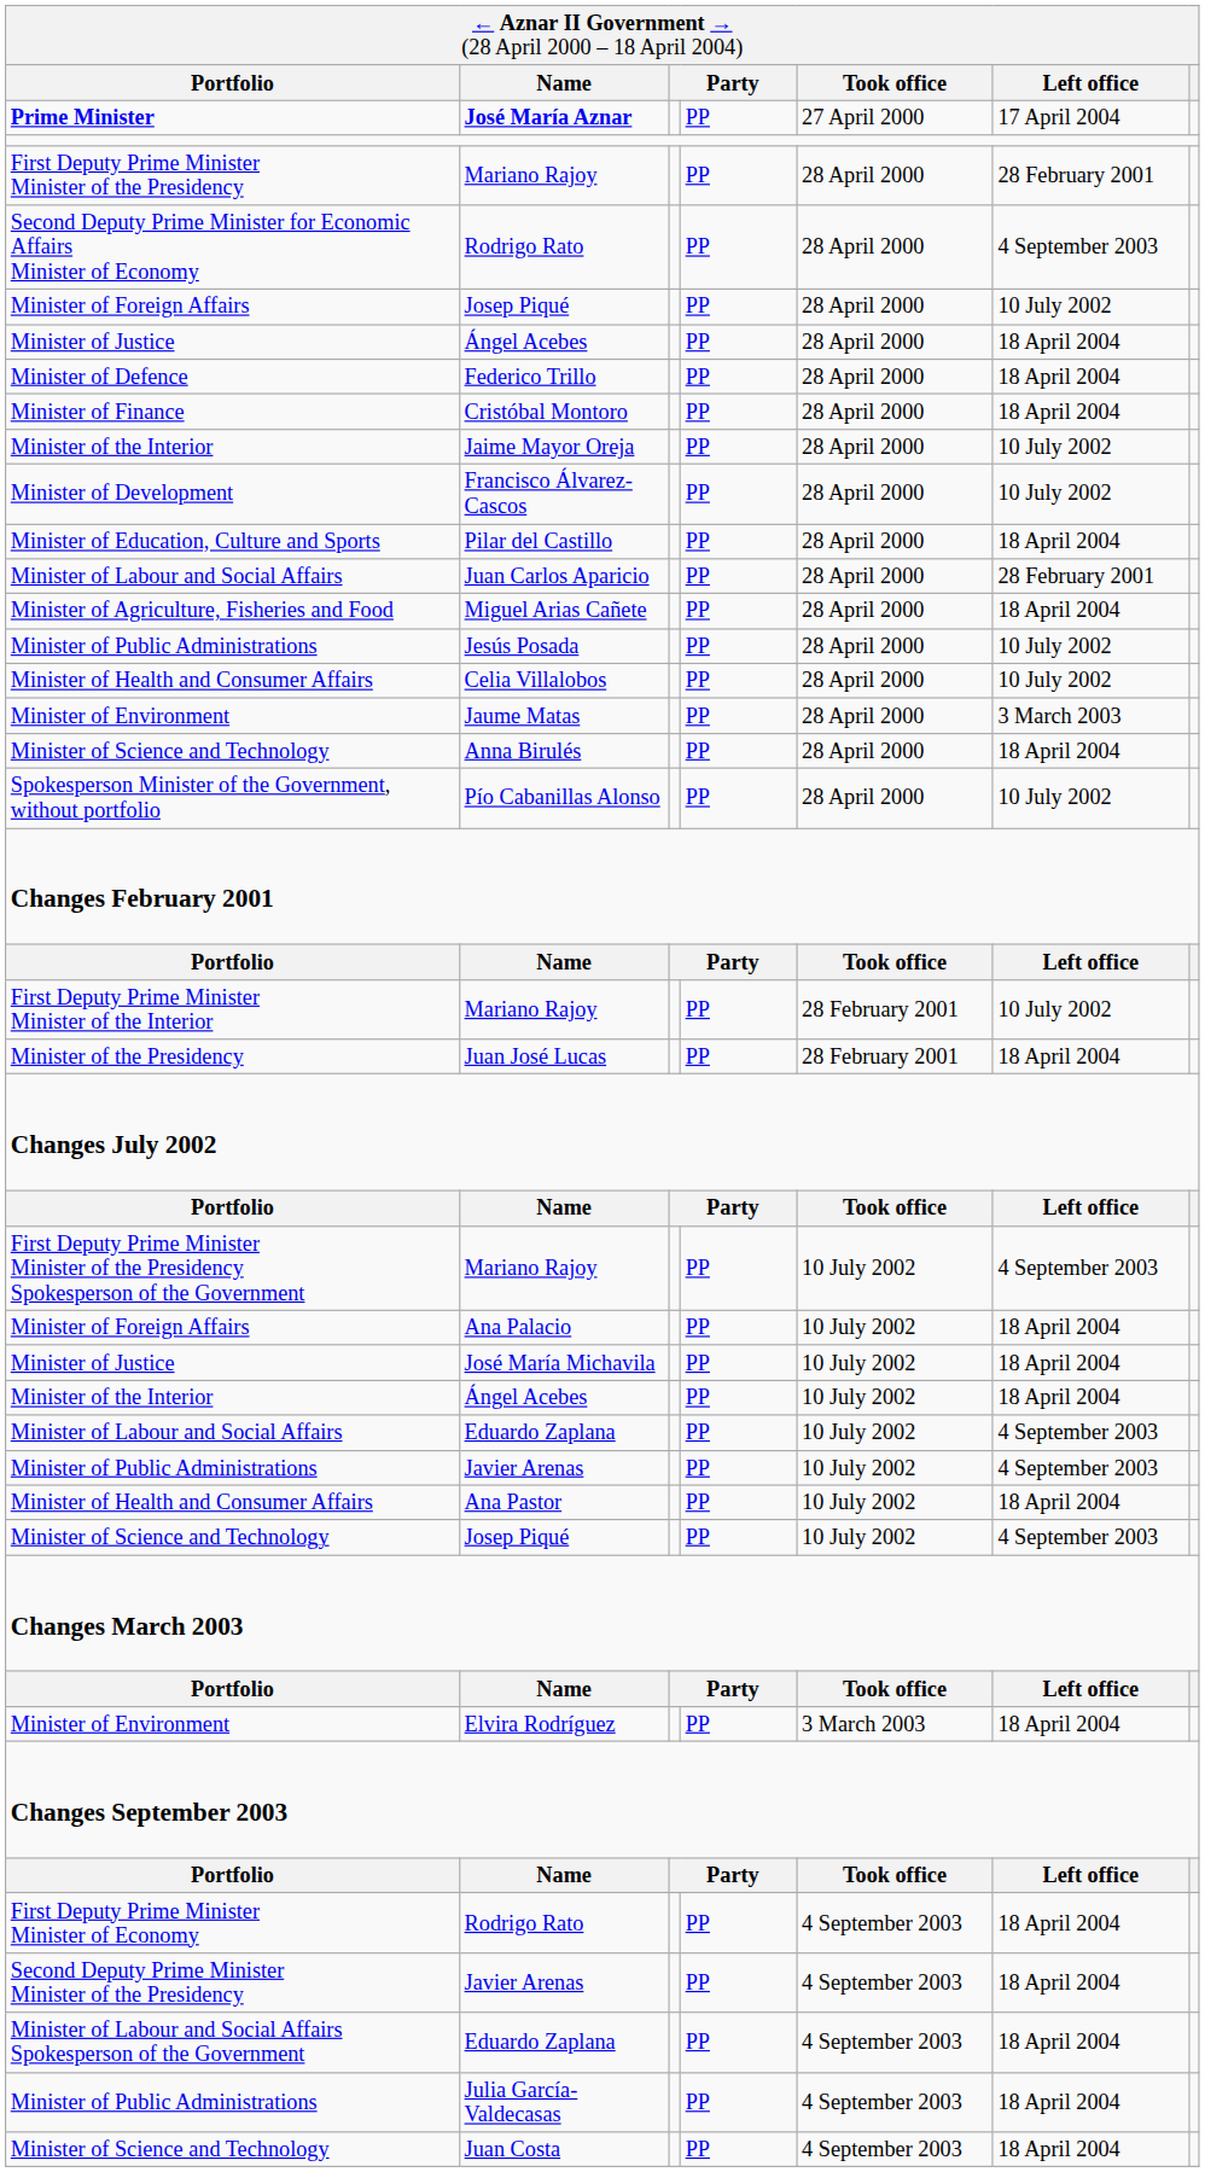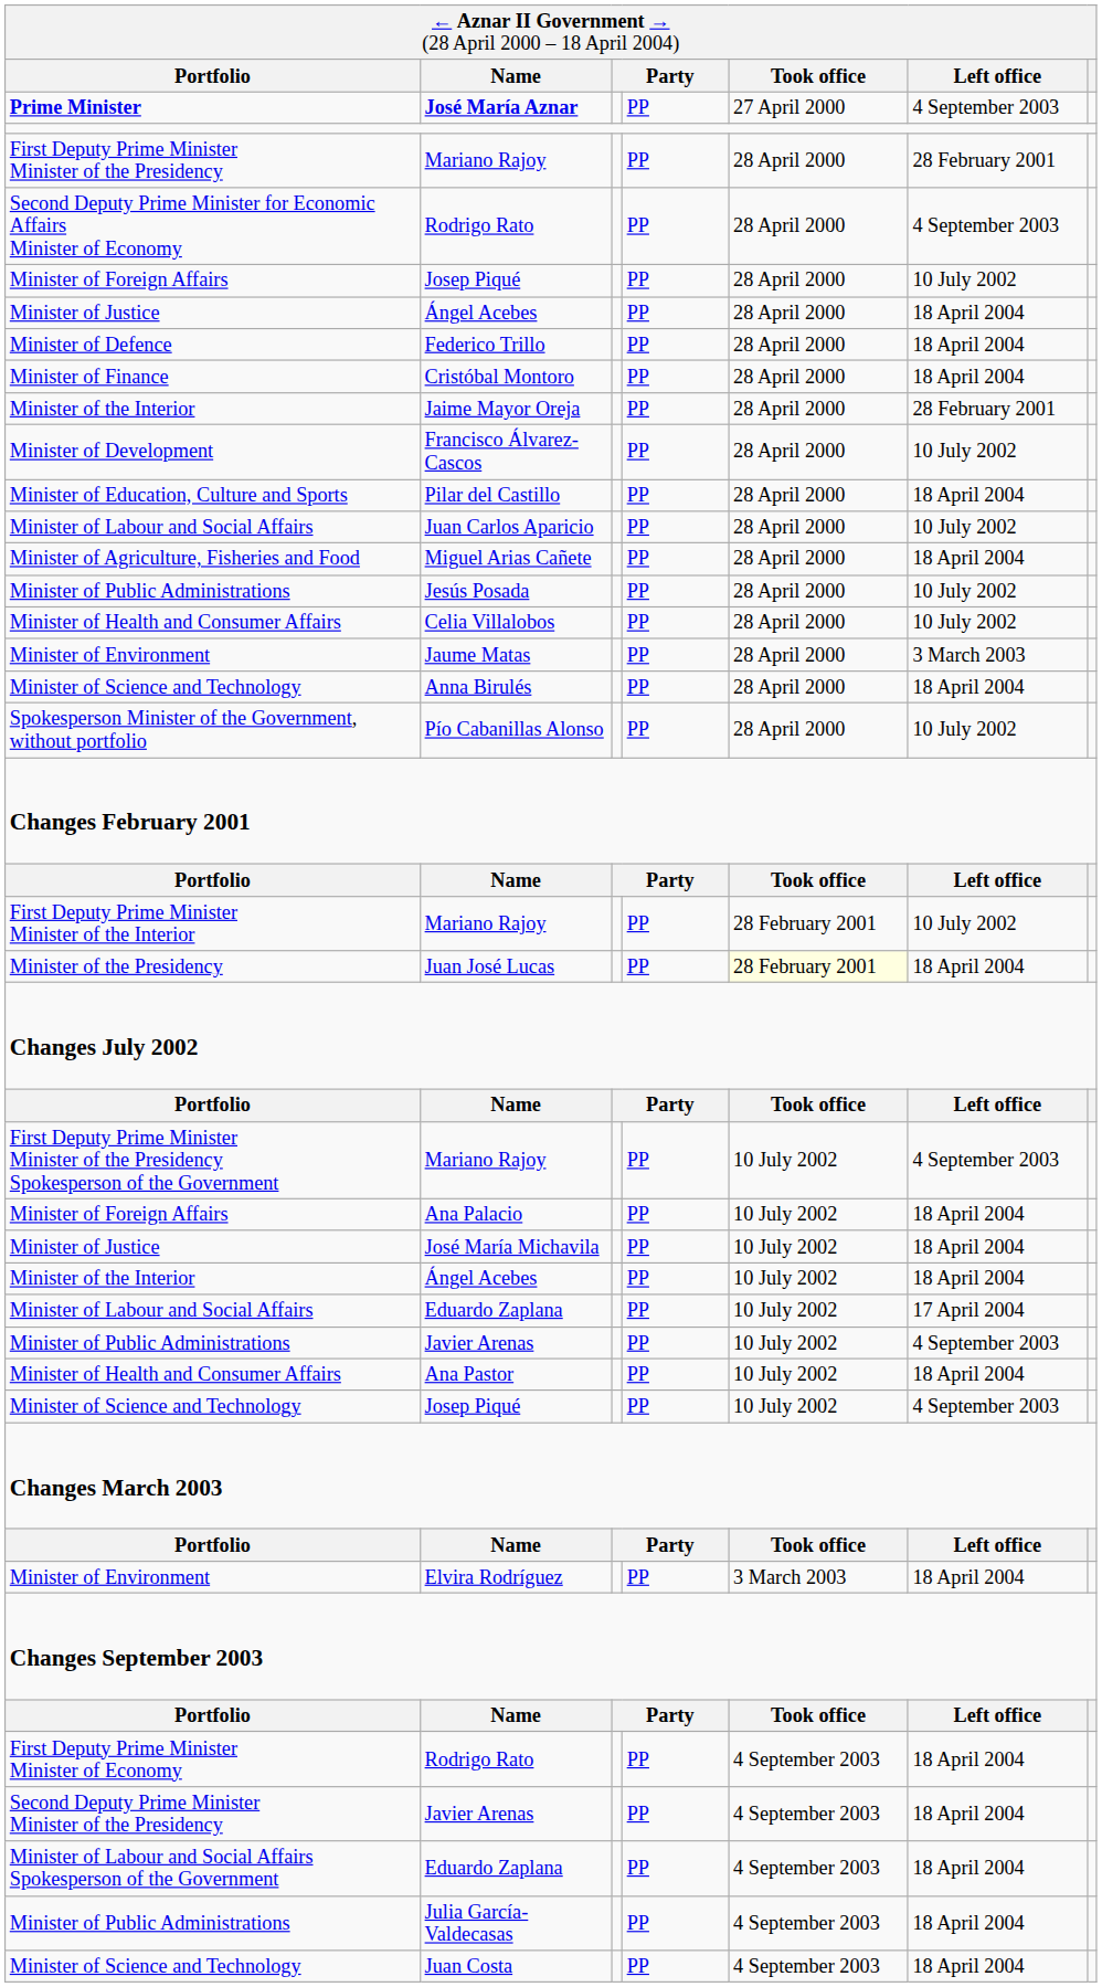 <table class="wikitable">
 <tr>
 <td colspan="7" bgcolor="#F2F2F2" align="center"><a href='#'>←</a> <strong>Aznar II Government</strong> <a href='#'>→</a><br>(28 April 2000 – 18 April 2004)</td>
 </tr>
 <tr>
 <th>Portfolio</th>
 <th>Name</th>
 <th width="100px" colspan="2">Party</th>
 <th width="135px">Took office</th>
 <th width="135px">Left office</th>
 <th></th>
 </tr>
 <tr>
 <td><strong><a href='#'>Prime Minister</a></strong></td>
 <td><strong><a href='#'>José María Aznar</a></strong></td>
 <td width="1" style="background-color:"></td>
 <td><a href='#'>PP</a></td>
 <td>27 April 2000</td>
-<td>17 April 2004</td>
+<td>4 September 2003</td>
 <td align="center"></td>
 </tr>
 <tr>
 <td colspan="7"></td>
 </tr>
 <tr>
 <td><a href='#'>First Deputy Prime Minister</a><br><a href='#'>Minister of the Presidency</a></td>
 <td><a href='#'>Mariano Rajoy</a></td>
 <td style="background-color:"></td>
 <td><a href='#'>PP</a></td>
 <td>28 April 2000</td>
 <td>28 February 2001</td>
 <td align="center"><br></td>
 </tr>
 <tr>
 <td><a href='#'>Second Deputy Prime Minister for Economic Affairs</a><br><a href='#'>Minister of Economy</a></td>
 <td><a href='#'>Rodrigo Rato</a></td>
 <td style="background-color:"></td>
 <td><a href='#'>PP</a></td>
 <td>28 April 2000</td>
 <td>4 September 2003</td>
 <td align="center"><br></td>
 </tr>
 <tr>
 <td><a href='#'>Minister of Foreign Affairs</a></td>
 <td><a href='#'>Josep Piqué</a></td>
 <td style="background-color:"></td>
 <td><a href='#'>PP</a></td>
 <td>28 April 2000</td>
 <td>10 July 2002</td>
 <td align="center"></td>
 </tr>
 <tr>
 <td><a href='#'>Minister of Justice</a></td>
 <td><a href='#'>Ángel Acebes</a></td>
 <td style="background-color:"></td>
 <td><a href='#'>PP</a></td>
 <td>28 April 2000</td>
 <td>18 April 2004</td>
 <td align="center"></td>
 </tr>
 <tr>
 <td><a href='#'>Minister of Defence</a></td>
 <td><a href='#'>Federico Trillo</a></td>
 <td style="background-color:"></td>
 <td><a href='#'>PP</a></td>
 <td>28 April 2000</td>
 <td>18 April 2004</td>
 <td align="center"></td>
 </tr>
 <tr>
 <td><a href='#'>Minister of Finance</a></td>
 <td><a href='#'>Cristóbal Montoro</a></td>
 <td style="background-color:"></td>
 <td><a href='#'>PP</a></td>
 <td>28 April 2000</td>
 <td>18 April 2004</td>
 <td align="center"></td>
 </tr>
 <tr>
 <td><a href='#'>Minister of the Interior</a></td>
 <td><a href='#'>Jaime Mayor Oreja</a></td>
 <td style="background-color:"></td>
 <td><a href='#'>PP</a></td>
 <td>28 April 2000</td>
-<td>10 July 2002</td>
+<td>28 February 2001</td>
 <td align="center"></td>
 </tr>
 <tr>
 <td><a href='#'>Minister of Development</a></td>
 <td><a href='#'>Francisco Álvarez-Cascos</a></td>
 <td style="background-color:"></td>
 <td><a href='#'>PP</a></td>
 <td>28 April 2000</td>
 <td>10 July 2002</td>
 <td align="center"></td>
 </tr>
 <tr>
 <td><a href='#'>Minister of Education, Culture and Sports</a></td>
 <td><a href='#'>Pilar del Castillo</a></td>
 <td style="background-color:"></td>
 <td><a href='#'>PP</a></td>
 <td>28 April 2000</td>
 <td>18 April 2004</td>
 <td align="center"></td>
 </tr>
 <tr>
 <td><a href='#'>Minister of Labour and Social Affairs</a></td>
 <td><a href='#'>Juan Carlos Aparicio</a></td>
 <td style="background-color:"></td>
 <td><a href='#'>PP</a></td>
 <td>28 April 2000</td>
-<td>28 February 2001</td>
+<td>10 July 2002</td>
 <td align="center"></td>
 </tr>
 <tr>
 <td><a href='#'>Minister of Agriculture, Fisheries and Food</a></td>
 <td><a href='#'>Miguel Arias Cañete</a></td>
 <td style="background-color:"></td>
 <td><a href='#'>PP</a></td>
 <td>28 April 2000</td>
 <td>18 April 2004</td>
 <td align="center"></td>
 </tr>
 <tr>
 <td><a href='#'>Minister of Public Administrations</a></td>
 <td><a href='#'>Jesús Posada</a></td>
 <td style="background-color:"></td>
 <td><a href='#'>PP</a></td>
 <td>28 April 2000</td>
 <td>10 July 2002</td>
 <td align="center"></td>
 </tr>
 <tr>
 <td><a href='#'>Minister of Health and Consumer Affairs</a></td>
 <td><a href='#'>Celia Villalobos</a></td>
 <td style="background-color:"></td>
 <td><a href='#'>PP</a></td>
 <td>28 April 2000</td>
 <td>10 July 2002</td>
 <td align="center"></td>
 </tr>
 <tr>
 <td><a href='#'>Minister of Environment</a></td>
 <td><a href='#'>Jaume Matas</a></td>
 <td style="background-color:"></td>
 <td><a href='#'>PP</a></td>
 <td>28 April 2000</td>
 <td>3 March 2003</td>
 <td align="center"></td>
 </tr>
 <tr>
 <td><a href='#'>Minister of Science and Technology</a></td>
 <td><a href='#'>Anna Birulés</a></td>
 <td style="background-color:"></td>
 <td><a href='#'>PP</a> </td>
 <td>28 April 2000</td>
 <td>18 April 2004</td>
 <td align="center"></td>
 </tr>
 <tr>
 <td><a href='#'>Spokesperson Minister of the Government</a>, <a href='#'>without portfolio</a></td>
 <td><a href='#'>Pío Cabanillas Alonso</a></td>
 <td style="background-color:"></td>
 <td><a href='#'>PP</a> </td>
 <td>28 April 2000</td>
 <td>10 July 2002</td>
 <td align="center"></td>
 </tr>
 <tr>
 <td colspan="7"><br><h3>Changes February 2001</h3></td>
 </tr>
 <tr>
 <th>Portfolio</th>
 <th>Name</th>
 <th colspan="2">Party</th>
 <th>Took office</th>
 <th>Left office</th>
 <th></th>
 </tr>
 <tr>
 <td><a href='#'>First Deputy Prime Minister</a><br><a href='#'>Minister of the Interior</a></td>
 <td><a href='#'>Mariano Rajoy</a></td>
 <td style="background-color:"></td>
 <td><a href='#'>PP</a></td>
 <td>28 February 2001</td>
 <td>10 July 2002</td>
 <td align="center"></td>
 </tr>
 <tr>
 <td><a href='#'>Minister of the Presidency</a></td>
 <td><a href='#'>Juan José Lucas</a></td>
 <td style="background-color:"></td>
 <td><a href='#'>PP</a></td>
-<td>28 February 2001</td>
+<td style="background: lightyellow;">28 February 2001</td>
 <td>18 April 2004</td>
 <td align="center"></td>
 </tr>
 <tr>
 <td colspan="7"><br><h3>Changes July 2002</h3></td>
 </tr>
 <tr>
 <th>Portfolio</th>
 <th>Name</th>
 <th colspan="2">Party</th>
 <th>Took office</th>
 <th>Left office</th>
 <th></th>
 </tr>
 <tr>
 <td><a href='#'>First Deputy Prime Minister</a><br><a href='#'>Minister of the Presidency</a><br><a href='#'>Spokesperson of the Government</a></td>
 <td><a href='#'>Mariano Rajoy</a></td>
 <td style="background-color:"></td>
 <td><a href='#'>PP</a></td>
 <td>10 July 2002</td>
 <td>4 September 2003</td>
 <td align="center"><br></td>
 </tr>
 <tr>
 <td><a href='#'>Minister of Foreign Affairs</a></td>
 <td><a href='#'>Ana Palacio</a></td>
 <td style="background-color:"></td>
 <td><a href='#'>PP</a></td>
 <td>10 July 2002</td>
 <td>18 April 2004</td>
 <td align="center"></td>
 </tr>
 <tr>
 <td><a href='#'>Minister of Justice</a></td>
 <td><a href='#'>José María Michavila</a></td>
 <td style="background-color:"></td>
 <td><a href='#'>PP</a></td>
 <td>10 July 2002</td>
 <td>18 April 2004</td>
 <td align="center"></td>
 </tr>
 <tr>
 <td><a href='#'>Minister of the Interior</a></td>
 <td><a href='#'>Ángel Acebes</a></td>
 <td style="background-color:"></td>
 <td><a href='#'>PP</a></td>
 <td>10 July 2002</td>
 <td>18 April 2004</td>
 <td align="center"></td>
 </tr>
 <tr>
 <td><a href='#'>Minister of Labour and Social Affairs</a></td>
 <td><a href='#'>Eduardo Zaplana</a></td>
 <td style="background-color:"></td>
 <td><a href='#'>PP</a></td>
 <td>10 July 2002</td>
-<td>4 September 2003</td>
+<td>17 April 2004</td>
 <td align="center"></td>
 </tr>
 <tr>
 <td><a href='#'>Minister of Public Administrations</a></td>
 <td><a href='#'>Javier Arenas</a></td>
 <td style="background-color:"></td>
 <td><a href='#'>PP</a></td>
 <td>10 July 2002</td>
 <td>4 September 2003</td>
 <td align="center"></td>
 </tr>
 <tr>
 <td><a href='#'>Minister of Health and Consumer Affairs</a></td>
 <td><a href='#'>Ana Pastor</a></td>
 <td style="background-color:"></td>
 <td><a href='#'>PP</a></td>
 <td>10 July 2002</td>
 <td>18 April 2004</td>
 <td align="center"></td>
 </tr>
 <tr>
 <td><a href='#'>Minister of Science and Technology</a></td>
 <td><a href='#'>Josep Piqué</a></td>
 <td style="background-color:"></td>
 <td><a href='#'>PP</a></td>
 <td>10 July 2002</td>
 <td>4 September 2003</td>
 <td align="center"></td>
 </tr>
 <tr>
 <td colspan="7"><br><h3>Changes March 2003</h3></td>
 </tr>
 <tr>
 <th>Portfolio</th>
 <th>Name</th>
 <th colspan="2">Party</th>
 <th>Took office</th>
 <th>Left office</th>
 <th></th>
 </tr>
 <tr>
 <td><a href='#'>Minister of Environment</a></td>
 <td><a href='#'>Elvira Rodríguez</a></td>
 <td style="background-color:"></td>
 <td><a href='#'>PP</a></td>
 <td>3 March 2003</td>
 <td>18 April 2004</td>
 <td align="center"></td>
 </tr>
 <tr>
 <td colspan="7"><br><h3>Changes September 2003</h3></td>
 </tr>
 <tr>
 <th>Portfolio</th>
 <th>Name</th>
 <th colspan="2">Party</th>
 <th>Took office</th>
 <th>Left office</th>
 <th></th>
 </tr>
 <tr>
 <td><a href='#'>First Deputy Prime Minister</a><br><a href='#'>Minister of Economy</a></td>
 <td><a href='#'>Rodrigo Rato</a></td>
 <td style="background-color:"></td>
 <td><a href='#'>PP</a></td>
 <td>4 September 2003</td>
 <td>18 April 2004</td>
 <td align="center"></td>
 </tr>
 <tr>
 <td><a href='#'>Second Deputy Prime Minister</a><br><a href='#'>Minister of the Presidency</a></td>
 <td><a href='#'>Javier Arenas</a></td>
 <td style="background-color:"></td>
 <td><a href='#'>PP</a></td>
 <td>4 September 2003</td>
 <td>18 April 2004</td>
 <td align="center"><br></td>
 </tr>
 <tr>
 <td><a href='#'>Minister of Labour and Social Affairs</a><br><a href='#'>Spokesperson of the Government</a></td>
 <td><a href='#'>Eduardo Zaplana</a></td>
 <td style="background-color:"></td>
 <td><a href='#'>PP</a></td>
 <td>4 September 2003</td>
 <td>18 April 2004</td>
 <td align="center"></td>
 </tr>
 <tr>
 <td><a href='#'>Minister of Public Administrations</a></td>
 <td><a href='#'>Julia García-Valdecasas</a></td>
 <td style="background-color:"></td>
 <td><a href='#'>PP</a></td>
 <td>4 September 2003</td>
 <td>18 April 2004</td>
 <td align="center"></td>
 </tr>
 <tr>
 <td><a href='#'>Minister of Science and Technology</a></td>
 <td><a href='#'>Juan Costa</a></td>
 <td style="background-color:"></td>
 <td><a href='#'>PP</a></td>
 <td>4 September 2003</td>
 <td>18 April 2004</td>
 <td align="center"></td>
 </tr>
 </table>
